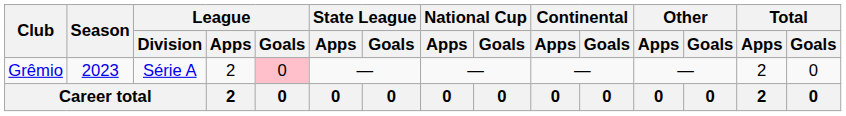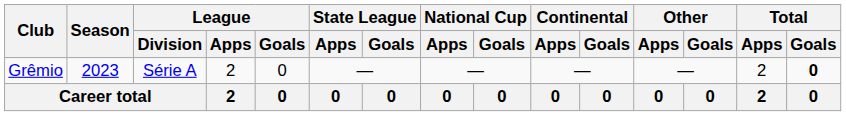 <table class="wikitable" style="text-align:center">
 <tr>
 <th rowspan="2">Club</th>
 <th rowspan="2">Season</th>
 <th colspan="3">League</th>
 <th colspan="2">State League</th>
 <th colspan="2">National Cup</th>
 <th colspan="2">Continental</th>
 <th colspan="2">Other</th>
 <th colspan="2">Total</th>
 </tr>
 <tr>
 <th>Division</th>
 <th>Apps</th>
 <th>Goals</th>
 <th>Apps</th>
 <th>Goals</th>
 <th>Apps</th>
 <th>Goals</th>
 <th>Apps</th>
 <th>Goals</th>
 <th>Apps</th>
 <th>Goals</th>
 <th>Apps</th>
 <th>Goals</th>
 </tr>
 <tr>
 <td><a href='#'>Grêmio</a></td>
 <td><a href='#'>2023</a></td>
 <td><a href='#'>Série A</a></td>
 <td>2</td>
-<td style="background: pink;">0</td>
+<td>0</td>
 <td colspan="2">—</td>
 <td colspan="2">—</td>
 <td colspan="2">—</td>
 <td colspan="2">—</td>
 <td>2</td>
-<td>0</td>
+<td><strong>0</strong></td>
 </tr>
 <tr>
 <th colspan="3">Career total</th>
 <th>2</th>
 <th>0</th>
 <th>0</th>
 <th>0</th>
 <th>0</th>
 <th>0</th>
 <th>0</th>
 <th>0</th>
 <th>0</th>
 <th>0</th>
 <th>2</th>
 <th>0</th>
 </tr>
 </table>
